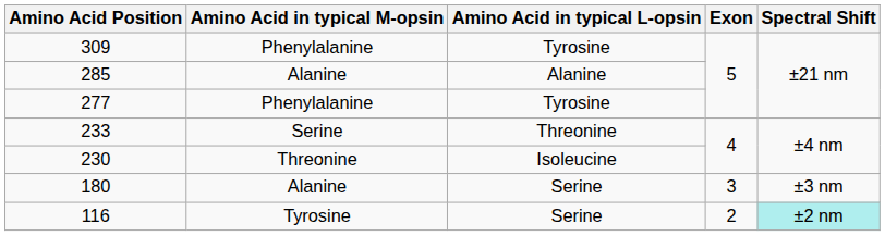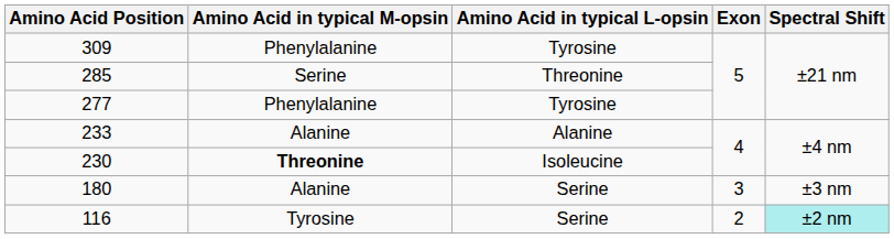 <table class="wikitable" style="text-align:center;">
 <tr>
 <th>Amino Acid Position</th>
 <th>Amino Acid in typical M-opsin</th>
 <th>Amino Acid in typical L-opsin</th>
 <th>Exon</th>
 <th>Spectral Shift</th>
 </tr>
 <tr>
 <td>309</td>
 <td>Phenylalanine</td>
 <td>Tyrosine</td>
 <td rowspan="3" style="vertical-align:middle;">5</td>
 <td rowspan="3" style="vertical-align:middle;">±21 nm</td>
 </tr>
 <tr>
 <td>285</td>
-<td>Alanine</td>
-<td>Alanine</td>
+<td>Serine</td>
+<td>Threonine</td>
 </tr>
 <tr>
 <td>277</td>
 <td>Phenylalanine</td>
 <td>Tyrosine</td>
 </tr>
 <tr>
 <td>233</td>
-<td>Serine</td>
-<td>Threonine</td>
+<td>Alanine</td>
+<td>Alanine</td>
 <td rowspan="2" style="vertical-align:middle;">4</td>
 <td rowspan="2" style="vertical-align:middle;">±4 nm</td>
 </tr>
 <tr>
 <td>230</td>
-<td>Threonine</td>
+<td><strong>Threonine</strong></td>
 <td>Isoleucine</td>
 </tr>
 <tr>
 <td>180</td>
 <td>Alanine</td>
 <td>Serine</td>
 <td style="vertical-align:middle;">3</td>
 <td style="vertical-align:middle;">±3 nm</td>
 </tr>
 <tr>
 <td>116</td>
 <td>Tyrosine</td>
 <td>Serine</td>
 <td style="vertical-align:middle;">2</td>
 <td style="background: paleturquoise; vertical-align:middle;">±2 nm</td>
 </tr>
 </table>
